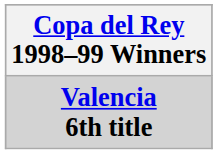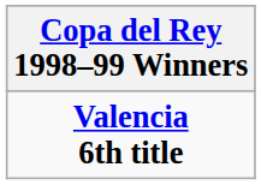 <table class="wikitable" style="text-align: center; margin: 0 auto;">
 <tr>
 <th><a href='#'>Copa del Rey</a><br>1998–99 Winners</th>
 </tr>
 <tr>
-<td style="background: lightgrey;"><strong><a href='#'>Valencia</a></strong><br><strong>6th title</strong></td>
+<td><strong><a href='#'>Valencia</a></strong><br><strong>6th title</strong></td>
 </tr>
 </table>
